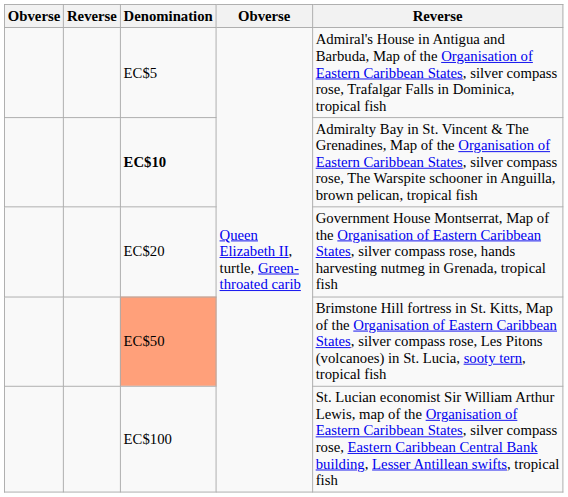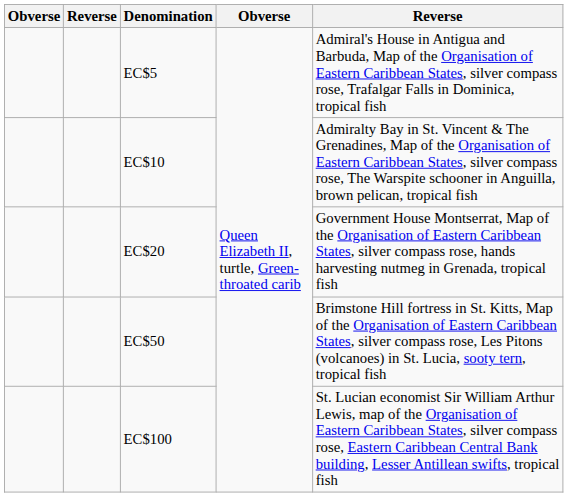 <table class="wikitable">
 <tr>
 <th>Obverse</th>
 <th>Reverse</th>
 <th>Denomination</th>
 <th>Obverse</th>
 <th>Reverse</th>
 </tr>
 <tr>
 <td></td>
 <td></td>
 <td>EC$5</td>
 <td rowspan="5"><a href='#'>Queen Elizabeth II</a>, turtle, <a href='#'>Green-throated carib</a></td>
 <td>Admiral's House in Antigua and Barbuda, Map of the <a href='#'>Organisation of Eastern Caribbean States</a>, silver compass rose, Trafalgar Falls in Dominica, tropical fish</td>
 </tr>
 <tr>
 <td></td>
 <td></td>
-<td><strong>EC$10</strong></td>
+<td>EC$10</td>
 <td>Admiralty Bay in St. Vincent & The Grenadines, Map of the <a href='#'>Organisation of Eastern Caribbean States</a>, silver compass rose, The Warspite schooner in Anguilla, brown pelican, tropical fish</td>
 </tr>
 <tr>
 <td></td>
 <td></td>
 <td>EC$20</td>
 <td>Government House Montserrat, Map of the <a href='#'>Organisation of Eastern Caribbean States</a>, silver compass rose, hands harvesting nutmeg in Grenada, tropical fish</td>
 </tr>
 <tr>
 <td></td>
 <td></td>
-<td style="background: lightsalmon;">EC$50</td>
+<td>EC$50</td>
 <td>Brimstone Hill fortress in St. Kitts, Map of the <a href='#'>Organisation of Eastern Caribbean States</a>, silver compass rose, Les Pitons (volcanoes) in St. Lucia, <a href='#'>sooty tern</a>, tropical fish</td>
 </tr>
 <tr>
 <td></td>
 <td></td>
 <td>EC$100</td>
 <td>St. Lucian economist Sir William Arthur Lewis, map of the <a href='#'>Organisation of Eastern Caribbean States</a>, silver compass rose, <a href='#'>Eastern Caribbean Central Bank building</a>, <a href='#'>Lesser Antillean swifts</a>, tropical fish</td>
 </tr>
 </table>
